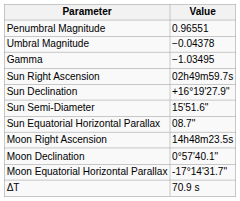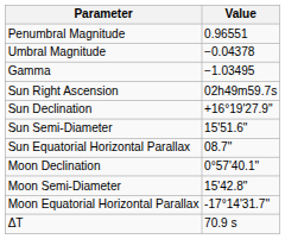 <table class="wikitable">
 <tr>
 <th>Parameter</th>
 <th>Value</th>
 </tr>
 <tr>
 <td>Penumbral Magnitude</td>
 <td>0.96551</td>
 </tr>
 <tr>
 <td>Umbral Magnitude</td>
 <td>−0.04378</td>
 </tr>
 <tr>
 <td>Gamma</td>
 <td>−1.03495</td>
 </tr>
 <tr>
 <td>Sun Right Ascension</td>
 <td>02h49m59.7s</td>
 </tr>
 <tr>
 <td>Sun Declination</td>
 <td>+16°19'27.9"</td>
 </tr>
 <tr>
 <td>Sun Semi-Diameter</td>
 <td>15'51.6"</td>
 </tr>
 <tr>
 <td>Sun Equatorial Horizontal Parallax</td>
 <td>08.7"</td>
 </tr>
 <tr>
-<td>Moon Right Ascension</td>
-<td>14h48m23.5s</td>
+<td>Moon Declination</td>
+<td>0°57'40.1"</td>
 </tr>
 <tr>
-<td>Moon Declination</td>
-<td>0°57'40.1"</td>
+<td>Moon Semi-Diameter</td>
+<td>15'42.8"</td>
 </tr>
 <tr>
 <td>Moon Equatorial Horizontal Parallax</td>
 <td>-17°14'31.7"</td>
 </tr>
 <tr>
 <td>ΔT</td>
 <td>70.9 s</td>
 </tr>
 </table>
